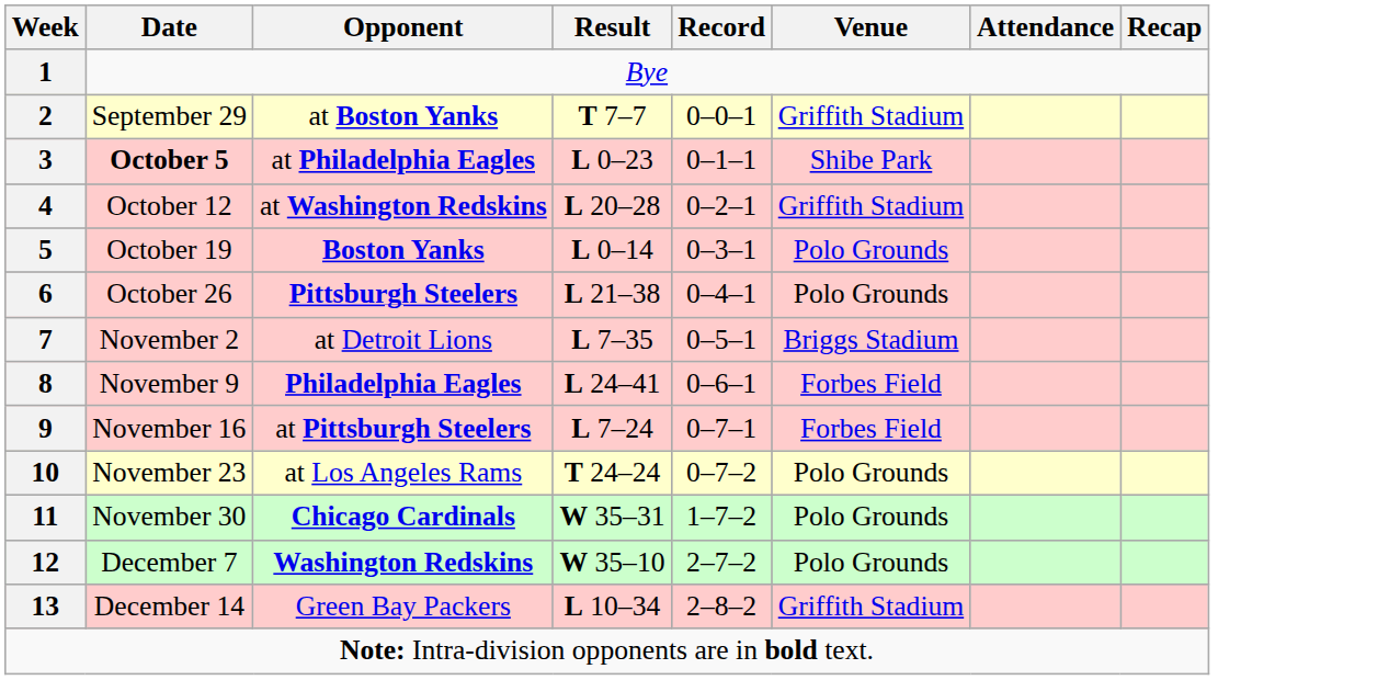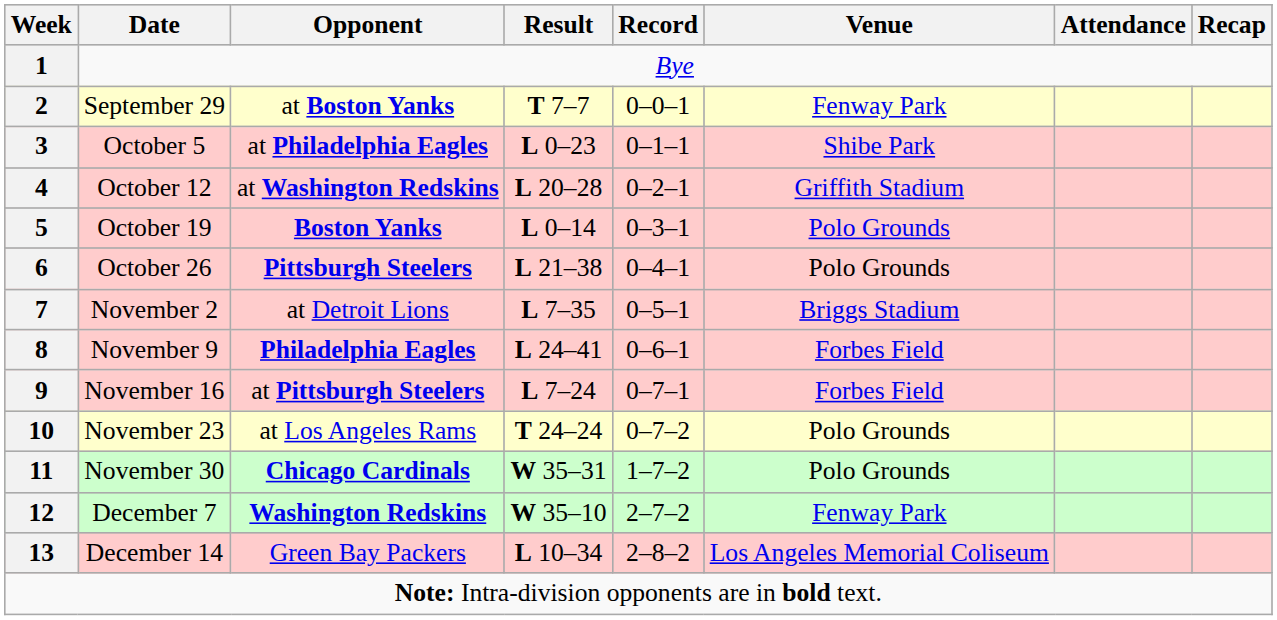 <table class="wikitable" style="text-align:center">
 <tr>
 <th>Week</th>
 <th>Date</th>
 <th>Opponent</th>
 <th>Result</th>
 <th>Record</th>
 <th>Venue</th>
 <th>Attendance</th>
 <th>Recap</th>
 </tr>
 <tr>
 <th>1</th>
 <td colspan="7"><em><a href='#'>Bye</a></em></td>
 </tr>
 <tr style="background:#ffc">
 <th>2</th>
 <td>September 29</td>
 <td>at <strong><a href='#'>Boston Yanks</a></strong></td>
 <td><strong>T</strong> 7–7</td>
 <td>0–0–1</td>
-<td><a href='#'>Griffith Stadium</a></td>
+<td><a href='#'>Fenway Park</a></td>
 <td></td>
 <td></td>
 </tr>
 <tr style="background:#fcc">
 <th>3</th>
-<td><strong>October 5</strong></td>
+<td>October 5</td>
 <td>at <strong><a href='#'>Philadelphia Eagles</a></strong></td>
 <td><strong>L</strong> 0–23</td>
 <td>0–1–1</td>
 <td><a href='#'>Shibe Park</a></td>
 <td></td>
 <td></td>
 </tr>
 <tr style="background:#fcc">
 <th>4</th>
 <td>October 12</td>
 <td>at <strong><a href='#'>Washington Redskins</a></strong></td>
 <td><strong>L</strong> 20–28</td>
 <td>0–2–1</td>
 <td><a href='#'>Griffith Stadium</a></td>
 <td></td>
 <td></td>
 </tr>
 <tr style="background:#fcc">
 <th>5</th>
 <td>October 19</td>
 <td><strong><a href='#'>Boston Yanks</a></strong></td>
 <td><strong>L</strong> 0–14</td>
 <td>0–3–1</td>
 <td><a href='#'>Polo Grounds</a></td>
 <td></td>
 <td></td>
 </tr>
 <tr style="background:#fcc">
 <th>6</th>
 <td>October 26</td>
 <td><strong><a href='#'>Pittsburgh Steelers</a></strong></td>
 <td><strong>L</strong> 21–38</td>
 <td>0–4–1</td>
 <td>Polo Grounds</td>
 <td></td>
 <td></td>
 </tr>
 <tr style="background:#fcc">
 <th>7</th>
 <td>November 2</td>
 <td>at <a href='#'>Detroit Lions</a></td>
 <td><strong>L</strong> 7–35</td>
 <td>0–5–1</td>
 <td><a href='#'>Briggs Stadium</a></td>
 <td></td>
 <td></td>
 </tr>
 <tr style="background:#fcc">
 <th>8</th>
 <td>November 9</td>
 <td><strong><a href='#'>Philadelphia Eagles</a></strong></td>
 <td><strong>L</strong> 24–41</td>
 <td>0–6–1</td>
 <td><a href='#'>Forbes Field</a></td>
 <td></td>
 <td></td>
 </tr>
 <tr style="background:#fcc">
 <th>9</th>
 <td>November 16</td>
 <td>at <strong><a href='#'>Pittsburgh Steelers</a></strong></td>
 <td><strong>L</strong> 7–24</td>
 <td>0–7–1</td>
 <td><a href='#'>Forbes Field</a></td>
 <td></td>
 <td></td>
 </tr>
 <tr style="background:#ffc">
 <th>10</th>
 <td>November 23</td>
 <td>at <a href='#'>Los Angeles Rams</a></td>
 <td><strong>T</strong> 24–24</td>
 <td>0–7–2</td>
 <td>Polo Grounds</td>
 <td></td>
 <td></td>
 </tr>
 <tr style="background:#cfc">
 <th>11</th>
 <td>November 30</td>
 <td><strong><a href='#'>Chicago Cardinals</a></strong></td>
 <td><strong>W</strong> 35–31</td>
 <td>1–7–2</td>
 <td>Polo Grounds</td>
 <td></td>
 <td></td>
 </tr>
 <tr style="background:#cfc">
 <th>12</th>
 <td>December 7</td>
 <td><strong><a href='#'>Washington Redskins</a></strong></td>
 <td><strong>W</strong> 35–10</td>
 <td>2–7–2</td>
-<td>Polo Grounds</td>
+<td><a href='#'>Fenway Park</a></td>
 <td></td>
 <td></td>
 </tr>
 <tr style="background:#fcc">
 <th>13</th>
 <td>December 14</td>
 <td><a href='#'>Green Bay Packers</a></td>
 <td><strong>L</strong> 10–34</td>
 <td>2–8–2</td>
-<td><a href='#'>Griffith Stadium</a></td>
+<td><a href='#'>Los Angeles Memorial Coliseum</a></td>
 <td></td>
 <td></td>
 </tr>
 <tr>
 <td colspan="9"><strong>Note:</strong> Intra-division opponents are in <strong>bold</strong> text.</td>
 </tr>
 </table>
